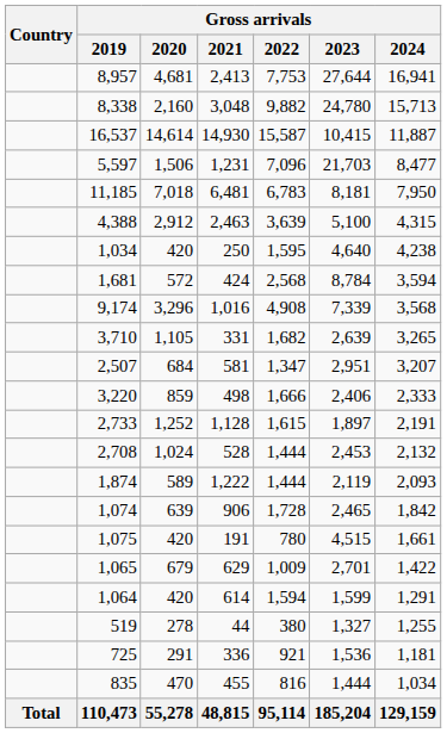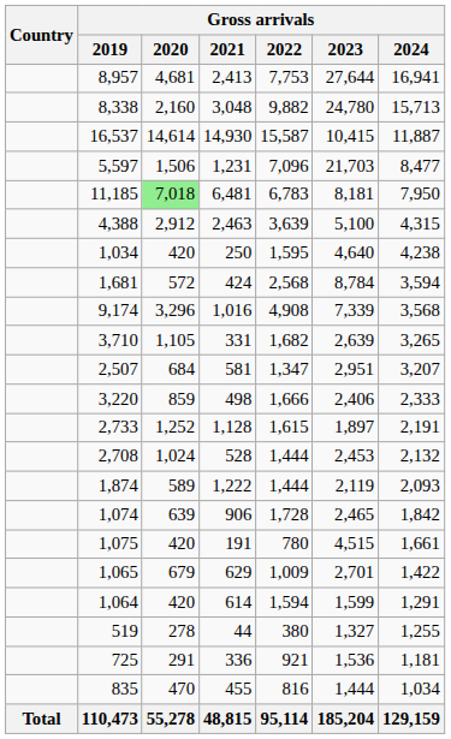 <table class="wikitable sortable" style="font-size:90%; text-align:right;">
 <tr>
 <th rowspan=2>Country</th>
 <th colspan="6">Gross arrivals</th>
 </tr>
 <tr>
 <th>2019</th>
 <th>2020</th>
 <th>2021</th>
 <th>2022</th>
 <th>2023</th>
 <th>2024</th>
 </tr>
 <tr>
 <td style="text-align:left;"></td>
 <td>8,957</td>
 <td>4,681</td>
 <td>2,413</td>
 <td>7,753</td>
 <td>27,644</td>
 <td>16,941</td>
 </tr>
 <tr>
 <td style="text-align:left;"></td>
 <td>8,338</td>
 <td>2,160</td>
 <td>3,048</td>
 <td>9,882</td>
 <td>24,780</td>
 <td>15,713</td>
 </tr>
 <tr>
 <td style="text-align:left;"></td>
 <td>16,537</td>
 <td>14,614</td>
 <td>14,930</td>
 <td>15,587</td>
 <td>10,415</td>
 <td>11,887</td>
 </tr>
 <tr>
 <td style="text-align:left;"></td>
 <td>5,597</td>
 <td>1,506</td>
 <td>1,231</td>
 <td>7,096</td>
 <td>21,703</td>
 <td>8,477</td>
 </tr>
 <tr>
 <td style="text-align:left;"></td>
 <td>11,185</td>
-<td>7,018</td>
+<td style="background: lightgreen;">7,018</td>
 <td>6,481</td>
 <td>6,783</td>
 <td>8,181</td>
 <td>7,950</td>
 </tr>
 <tr>
 <td style="text-align:left;"></td>
 <td>4,388</td>
 <td>2,912</td>
 <td>2,463</td>
 <td>3,639</td>
 <td>5,100</td>
 <td>4,315</td>
 </tr>
 <tr>
 <td style="text-align:left;"></td>
 <td>1,034</td>
 <td>420</td>
 <td>250</td>
 <td>1,595</td>
 <td>4,640</td>
 <td>4,238</td>
 </tr>
 <tr>
 <td style="text-align:left;"></td>
 <td>1,681</td>
 <td>572</td>
 <td>424</td>
 <td>2,568</td>
 <td>8,784</td>
 <td>3,594</td>
 </tr>
 <tr>
 <td style="text-align:left;"></td>
 <td>9,174</td>
 <td>3,296</td>
 <td>1,016</td>
 <td>4,908</td>
 <td>7,339</td>
 <td>3,568</td>
 </tr>
 <tr>
 <td style="text-align:left;"></td>
 <td>3,710</td>
 <td>1,105</td>
 <td>331</td>
 <td>1,682</td>
 <td>2,639</td>
 <td>3,265</td>
 </tr>
 <tr>
 <td style="text-align:left;"></td>
 <td>2,507</td>
 <td>684</td>
 <td>581</td>
 <td>1,347</td>
 <td>2,951</td>
 <td>3,207</td>
 </tr>
 <tr>
 <td style="text-align:left;"></td>
 <td>3,220</td>
 <td>859</td>
 <td>498</td>
 <td>1,666</td>
 <td>2,406</td>
 <td>2,333</td>
 </tr>
 <tr>
 <td style="text-align:left;"></td>
 <td>2,733</td>
 <td>1,252</td>
 <td>1,128</td>
 <td>1,615</td>
 <td>1,897</td>
 <td>2,191</td>
 </tr>
 <tr>
 <td style="text-align:left;"></td>
 <td>2,708</td>
 <td>1,024</td>
 <td>528</td>
 <td>1,444</td>
 <td>2,453</td>
 <td>2,132</td>
 </tr>
 <tr>
 <td style="text-align:left;"></td>
 <td>1,874</td>
 <td>589</td>
 <td>1,222</td>
 <td>1,444</td>
 <td>2,119</td>
 <td>2,093</td>
 </tr>
 <tr>
 <td style="text-align:left;"></td>
 <td>1,074</td>
 <td>639</td>
 <td>906</td>
 <td>1,728</td>
 <td>2,465</td>
 <td>1,842</td>
 </tr>
 <tr>
 <td style="text-align:left;"></td>
 <td>1,075</td>
 <td>420</td>
 <td>191</td>
 <td>780</td>
 <td>4,515</td>
 <td>1,661</td>
 </tr>
 <tr>
 <td style="text-align:left;"></td>
 <td>1,065</td>
 <td>679</td>
 <td>629</td>
 <td>1,009</td>
 <td>2,701</td>
 <td>1,422</td>
 </tr>
 <tr>
 <td style="text-align:left;"></td>
 <td>1,064</td>
 <td>420</td>
 <td>614</td>
 <td>1,594</td>
 <td>1,599</td>
 <td>1,291</td>
 </tr>
 <tr>
 <td style="text-align:left;"></td>
 <td>519</td>
 <td>278</td>
 <td>44</td>
 <td>380</td>
 <td>1,327</td>
 <td>1,255</td>
 </tr>
 <tr>
 <td style="text-align:left;"></td>
 <td>725</td>
 <td>291</td>
 <td>336</td>
 <td>921</td>
 <td>1,536</td>
 <td>1,181</td>
 </tr>
 <tr>
 <td style="text-align:left;"></td>
 <td>835</td>
 <td>470</td>
 <td>455</td>
 <td>816</td>
 <td>1,444</td>
 <td>1,034</td>
 </tr>
 <tr class="sortbottom">
 <th>Total</th>
 <th>110,473</th>
 <th>55,278</th>
 <th>48,815</th>
 <th>95,114</th>
 <th>185,204</th>
 <th>129,159</th>
 </tr>
 </table>
